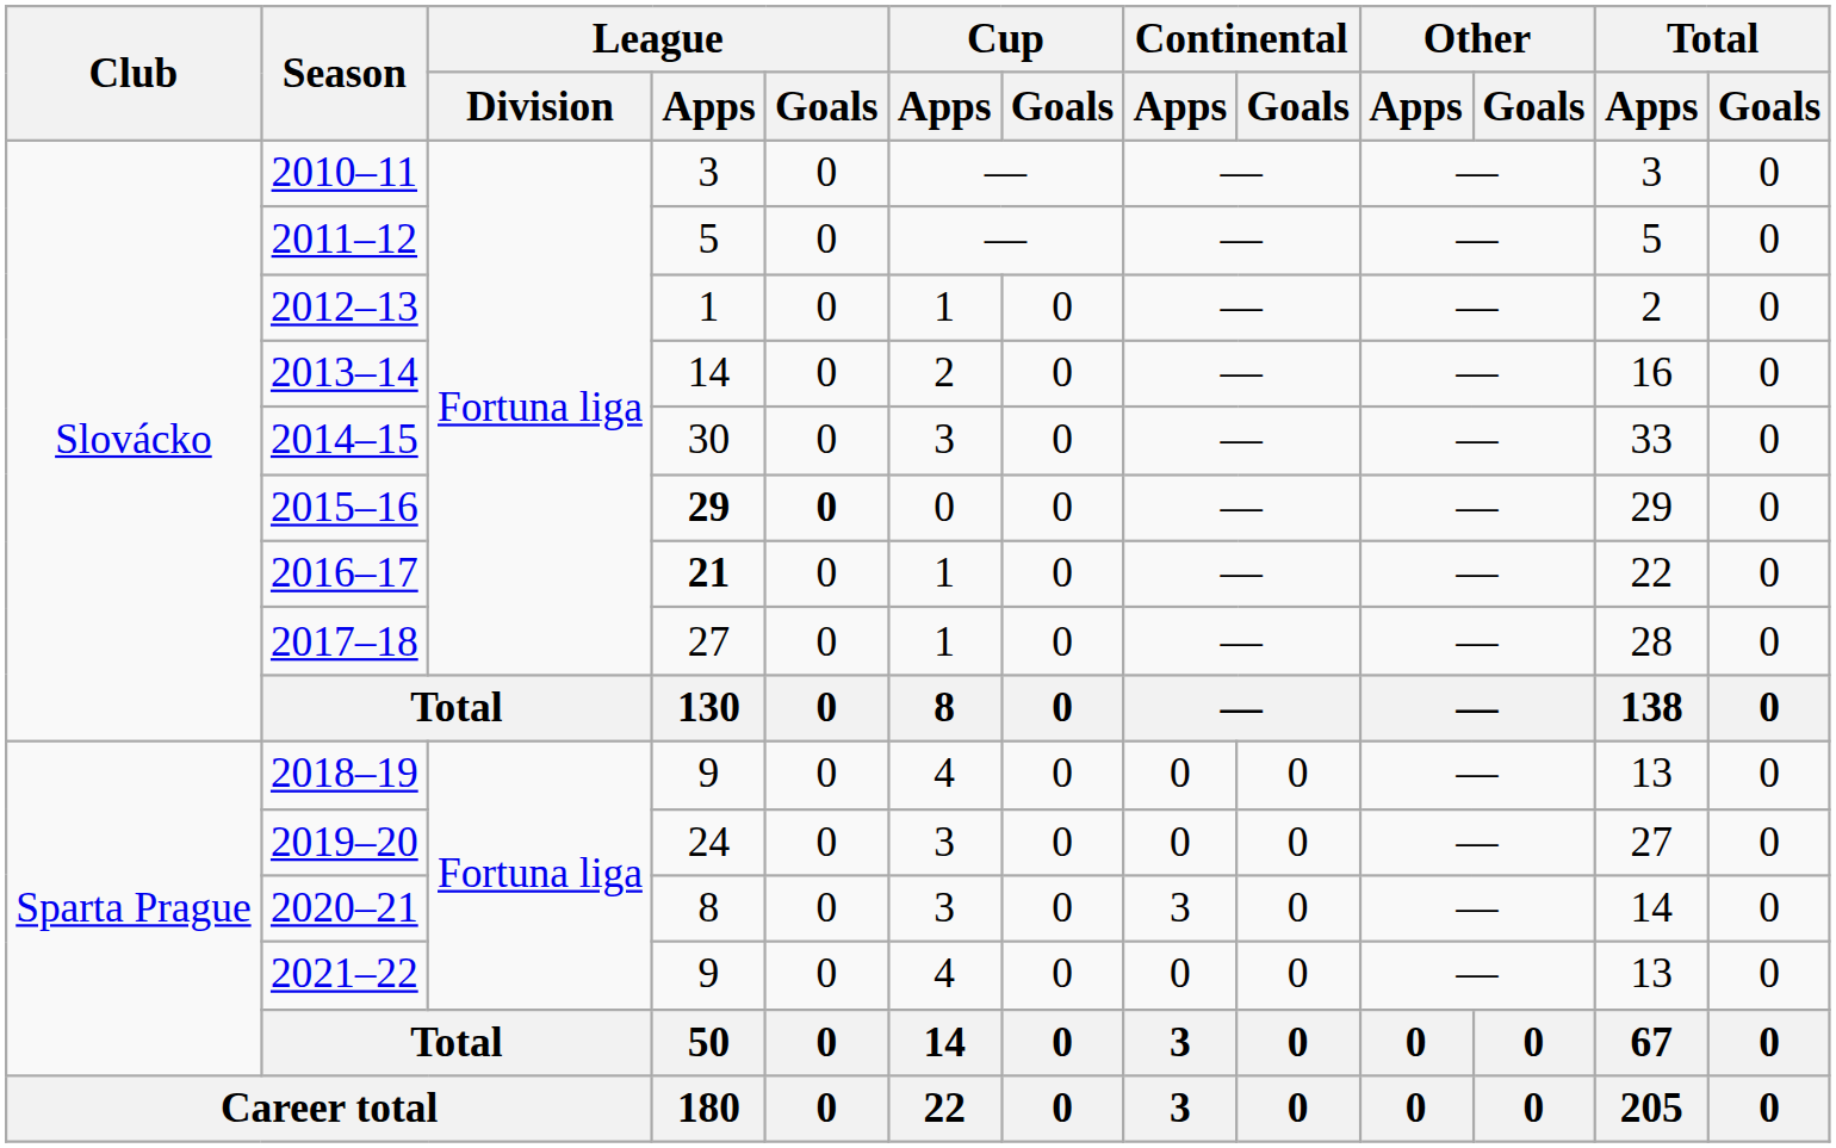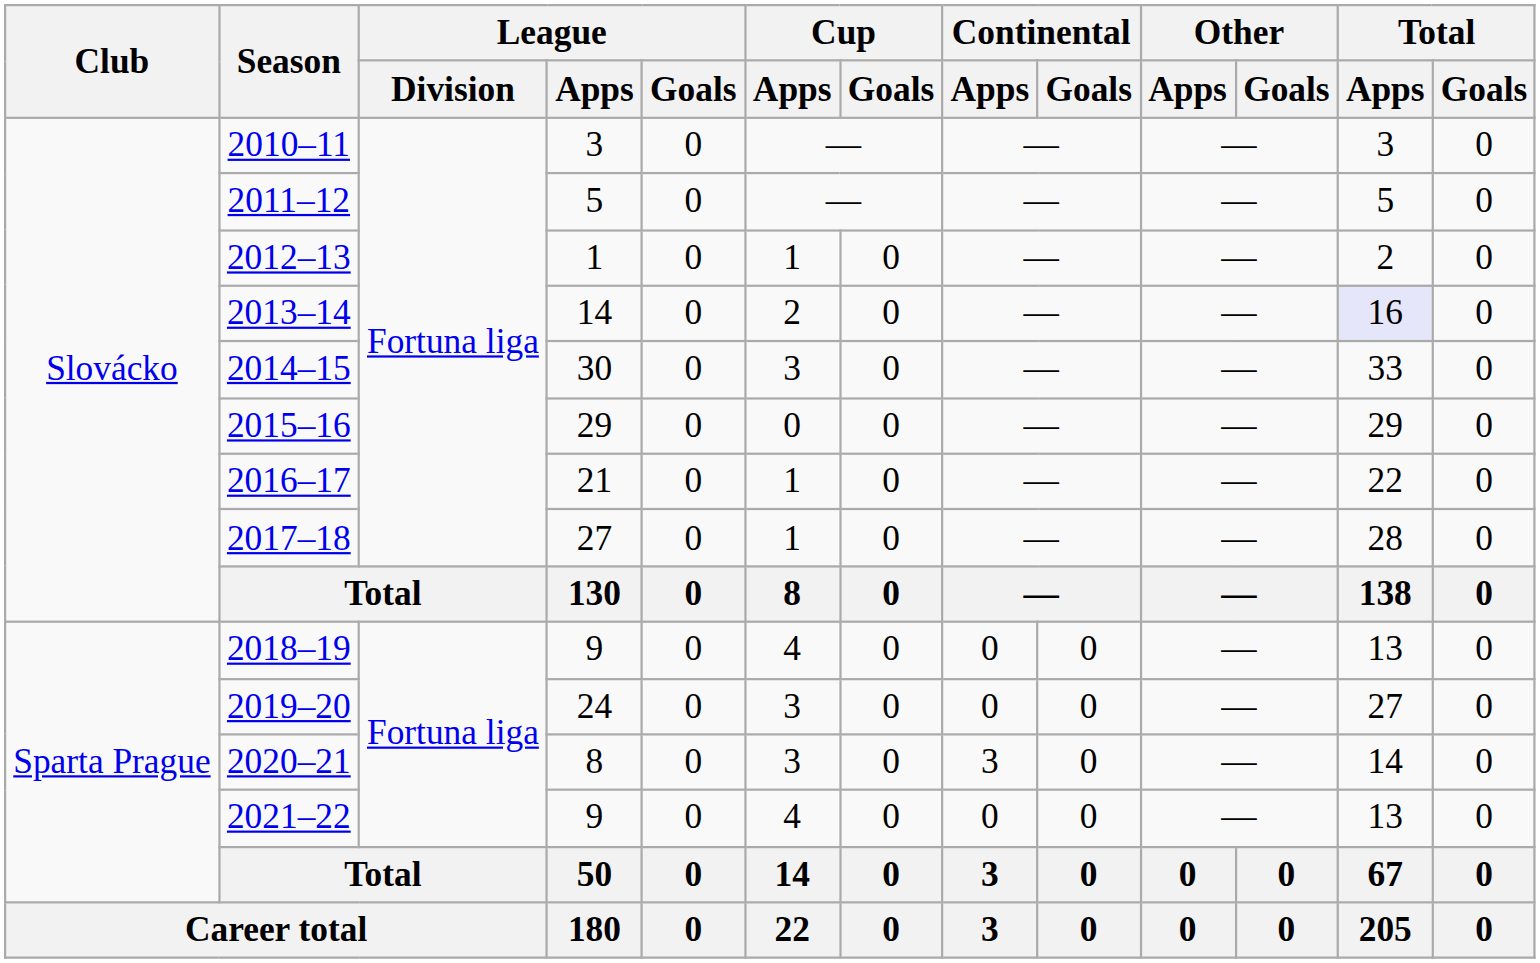 <table class="wikitable" style="text-align:center">
 <tr>
 <th rowspan=2>Club</th>
 <th rowspan=2>Season</th>
 <th colspan=3>League</th>
 <th colspan=2>Cup</th>
 <th colspan=2>Continental</th>
 <th colspan=2>Other</th>
 <th colspan=2>Total</th>
 </tr>
 <tr>
 <th>Division</th>
 <th>Apps</th>
 <th>Goals</th>
 <th>Apps</th>
 <th>Goals</th>
 <th>Apps</th>
 <th>Goals</th>
 <th>Apps</th>
 <th>Goals</th>
 <th>Apps</th>
 <th>Goals</th>
 </tr>
 <tr>
 <td rowspan="9"><a href='#'>Slovácko</a></td>
 <td><a href='#'>2010–11</a></td>
 <td rowspan="8"><a href='#'>Fortuna liga</a></td>
 <td>3</td>
 <td>0</td>
 <td colspan="2">—</td>
 <td colspan="2">—</td>
 <td colspan="2">—</td>
 <td>3</td>
 <td>0</td>
 </tr>
 <tr>
 <td><a href='#'>2011–12</a></td>
 <td>5</td>
 <td>0</td>
 <td colspan="2">—</td>
 <td colspan="2">—</td>
 <td colspan="2">—</td>
 <td>5</td>
 <td>0</td>
 </tr>
 <tr>
 <td><a href='#'>2012–13</a></td>
 <td>1</td>
 <td>0</td>
 <td>1</td>
 <td>0</td>
 <td colspan="2">—</td>
 <td colspan="2">—</td>
 <td>2</td>
 <td>0</td>
 </tr>
 <tr>
 <td><a href='#'>2013–14</a></td>
 <td>14</td>
 <td>0</td>
 <td>2</td>
 <td>0</td>
 <td colspan="2">—</td>
 <td colspan="2">—</td>
-<td>16</td>
+<td style="background: lavender;">16</td>
 <td>0</td>
 </tr>
 <tr>
 <td><a href='#'>2014–15</a></td>
 <td>30</td>
 <td>0</td>
 <td>3</td>
 <td>0</td>
 <td colspan="2">—</td>
 <td colspan="2">—</td>
 <td>33</td>
 <td>0</td>
 </tr>
 <tr>
 <td><a href='#'>2015–16</a></td>
-<td><strong>29</strong></td>
-<td><strong>0</strong></td>
+<td>29</td>
+<td>0</td>
 <td>0</td>
 <td>0</td>
 <td colspan="2">—</td>
 <td colspan="2">—</td>
 <td>29</td>
 <td>0</td>
 </tr>
 <tr>
 <td><a href='#'>2016–17</a></td>
-<td><strong>21</strong></td>
+<td>21</td>
 <td>0</td>
 <td>1</td>
 <td>0</td>
 <td colspan="2">—</td>
 <td colspan="2">—</td>
 <td>22</td>
 <td>0</td>
 </tr>
 <tr>
 <td><a href='#'>2017–18</a></td>
 <td>27</td>
 <td>0</td>
 <td>1</td>
 <td>0</td>
 <td colspan="2">—</td>
 <td colspan="2">—</td>
 <td>28</td>
 <td>0</td>
 </tr>
 <tr>
 <th colspan="2">Total</th>
 <th>130</th>
 <th>0</th>
 <th>8</th>
 <th>0</th>
 <th colspan="2">—</th>
 <th colspan="2">—</th>
 <th>138</th>
 <th>0</th>
 </tr>
 <tr>
 <td rowspan="5"><a href='#'>Sparta Prague</a></td>
 <td><a href='#'>2018–19</a></td>
 <td rowspan="4"><a href='#'>Fortuna liga</a></td>
 <td>9</td>
 <td>0</td>
 <td>4</td>
 <td>0</td>
 <td>0</td>
 <td>0</td>
 <td colspan="2">—</td>
 <td>13</td>
 <td>0</td>
 </tr>
 <tr>
 <td><a href='#'>2019–20</a></td>
 <td>24</td>
 <td>0</td>
 <td>3</td>
 <td>0</td>
 <td>0</td>
 <td>0</td>
 <td colspan="2">—</td>
 <td>27</td>
 <td>0</td>
 </tr>
 <tr>
 <td><a href='#'>2020–21</a></td>
 <td>8</td>
 <td>0</td>
 <td>3</td>
 <td>0</td>
 <td>3</td>
 <td>0</td>
 <td colspan="2">—</td>
 <td>14</td>
 <td>0</td>
 </tr>
 <tr>
 <td><a href='#'>2021–22</a></td>
 <td>9</td>
 <td>0</td>
 <td>4</td>
 <td>0</td>
 <td>0</td>
 <td>0</td>
 <td colspan="2">—</td>
 <td>13</td>
 <td>0</td>
 </tr>
 <tr>
 <th colspan="2">Total</th>
 <th>50</th>
 <th>0</th>
 <th>14</th>
 <th>0</th>
 <th>3</th>
 <th>0</th>
 <th>0</th>
 <th>0</th>
 <th>67</th>
 <th>0</th>
 </tr>
 <tr>
 <th colspan="3">Career total</th>
 <th>180</th>
 <th>0</th>
 <th>22</th>
 <th>0</th>
 <th>3</th>
 <th>0</th>
 <th>0</th>
 <th>0</th>
 <th>205</th>
 <th>0</th>
 </tr>
 </table>
